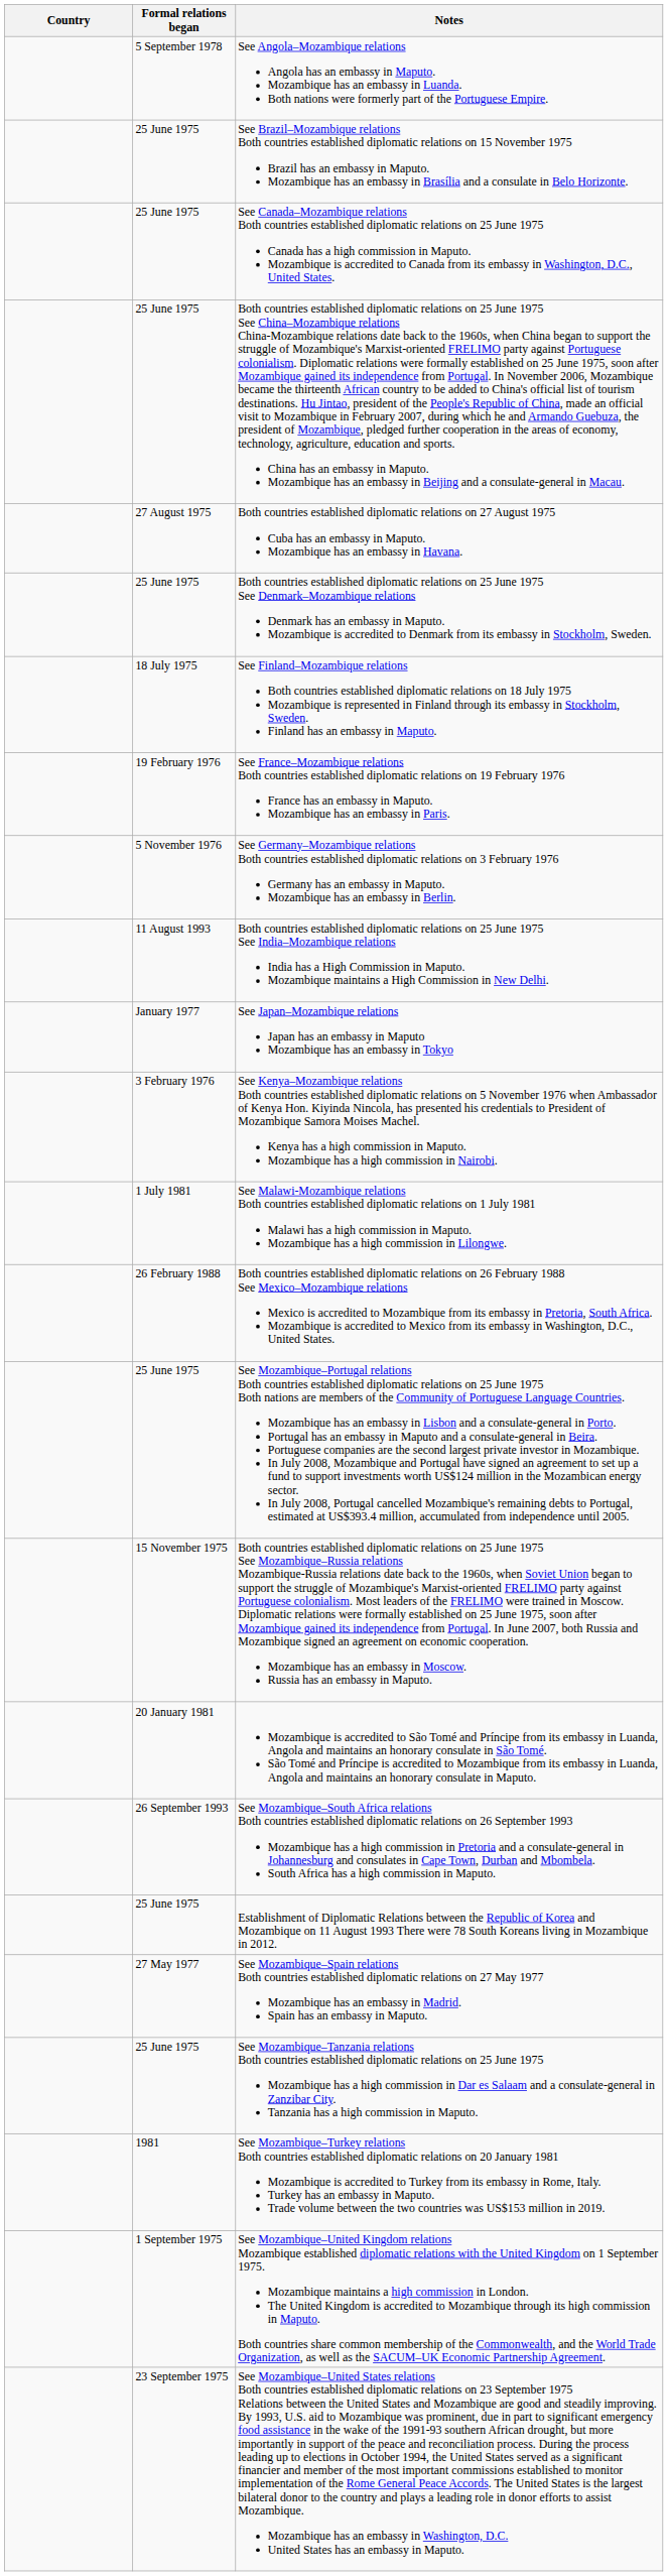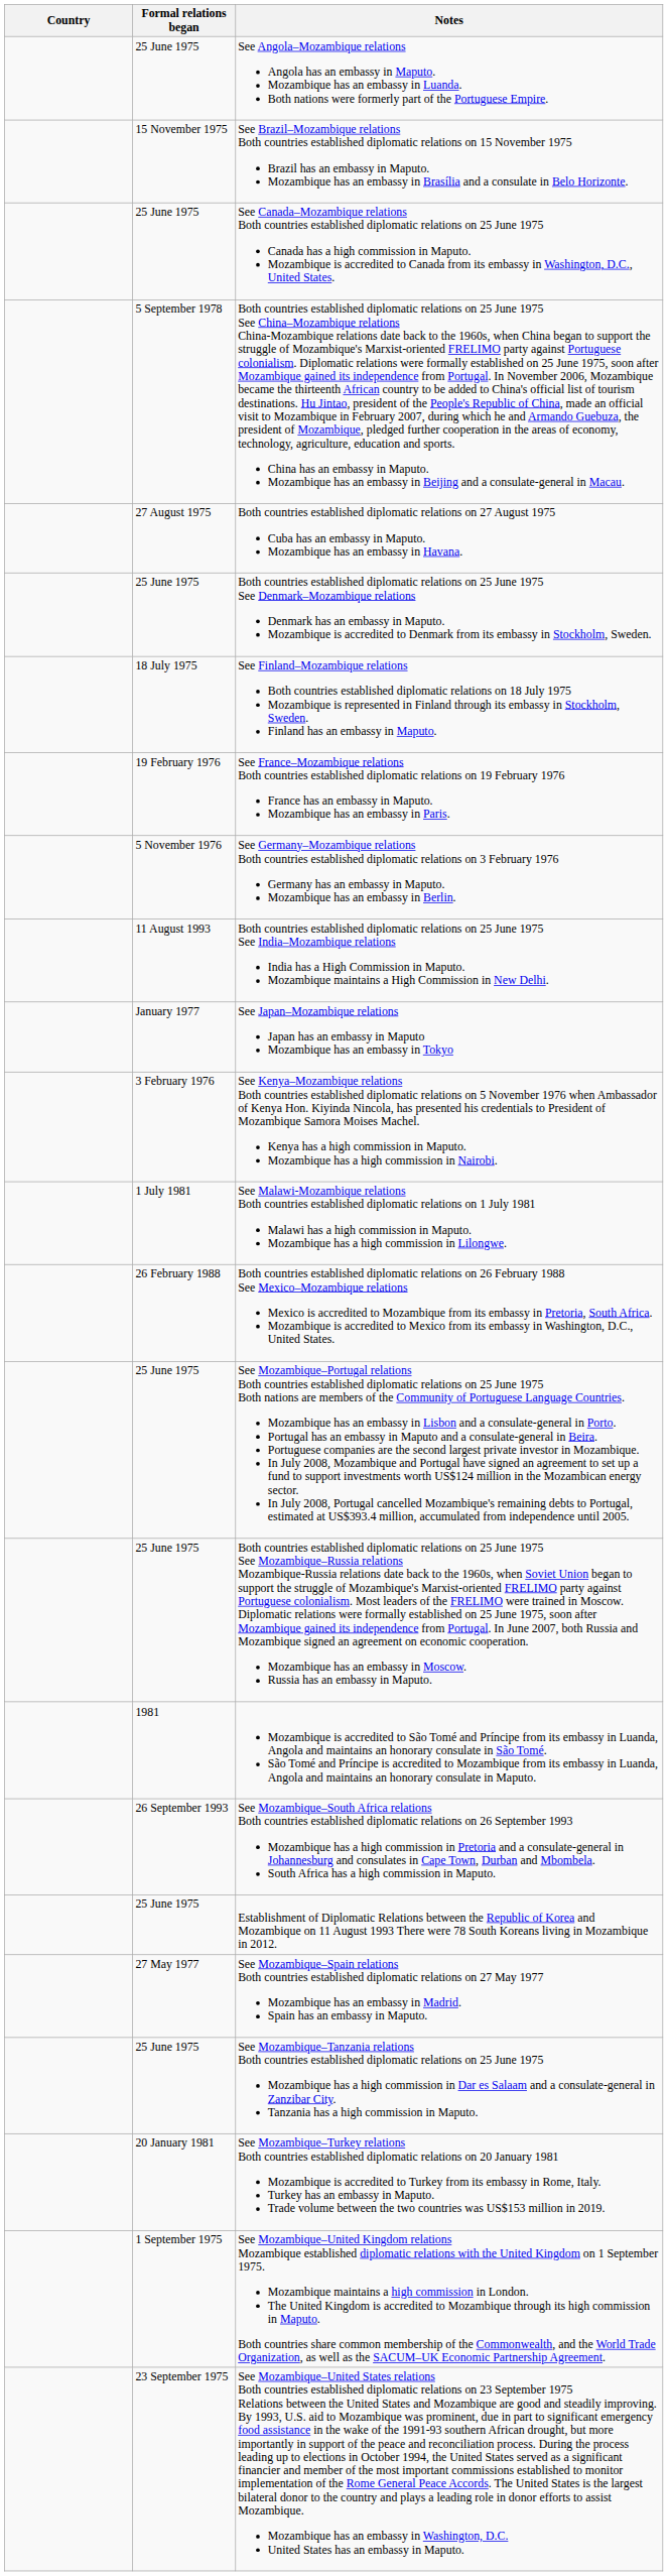 <table class="wikitable sortable" border="1" style="width:100%; margin:auto;">
 <tr>
 <th width="15%">Country</th>
 <th width="12%">Formal relations began</th>
 <th width="50%">Notes</th>
 </tr>
 <tr - valign="top">
 <td></td>
-<td>5 September 1978</td>
+<td>25 June 1975</td>
 <td>See <a href='#'>Angola–Mozambique relations</a><br><ul><li>Angola has an embassy in <a href='#'>Maputo</a>.</li><li>Mozambique has an embassy in <a href='#'>Luanda</a>.</li><li>Both nations were formerly part of the <a href='#'>Portuguese Empire</a>.</li></ul></td>
 </tr>
 <tr - valign="top">
 <td></td>
-<td>25 June 1975</td>
+<td>15 November 1975</td>
 <td>See <a href='#'>Brazil–Mozambique relations</a><br>Both countries established diplomatic relations on 15 November 1975<ul><li>Brazil has an embassy in Maputo.</li><li>Mozambique has an embassy in <a href='#'>Brasília</a> and a consulate in <a href='#'>Belo Horizonte</a>.</li></ul></td>
 </tr>
 <tr - valign="top">
 <td></td>
 <td>25 June 1975</td>
 <td>See <a href='#'>Canada–Mozambique relations</a><br>Both countries established diplomatic relations on 25 June 1975<ul><li>Canada has  a high commission in Maputo.</li><li>Mozambique is accredited to Canada from its embassy in <a href='#'>Washington, D.C.</a>, <a href='#'>United States</a>.</li></ul></td>
 </tr>
 <tr - valign="top">
 <td></td>
-<td>25 June 1975</td>
+<td>5 September 1978</td>
 <td>Both countries established diplomatic relations on 25 June 1975<br>See <a href='#'>China–Mozambique relations</a><br>China-Mozambique relations date back to the 1960s, when China began to support the struggle of Mozambique's Marxist-oriented <a href='#'>FRELIMO</a> party against <a href='#'>Portuguese colonialism</a>. Diplomatic relations were formally established on 25 June 1975, soon after <a href='#'>Mozambique gained its independence</a> from <a href='#'>Portugal</a>. In November 2006, Mozambique became the thirteenth <a href='#'>African</a> country to be added to China's official list of tourism destinations. <a href='#'>Hu Jintao</a>, president of the <a href='#'>People's Republic of China</a>,  made an official visit to Mozambique in February 2007, during which he and <a href='#'>Armando Guebuza</a>, the president of <a href='#'>Mozambique</a>, pledged further cooperation in the areas of economy, technology, agriculture, education and sports.<ul><li>China has an embassy in Maputo.</li><li>Mozambique has an embassy in <a href='#'>Beijing</a> and a consulate-general in <a href='#'>Macau</a>.</li></ul></td>
 </tr>
 <tr valign="top">
 <td></td>
 <td>27 August 1975</td>
 <td>Both countries established diplomatic relations on 27 August 1975<br><ul><li>Cuba has an embassy in Maputo.</li><li>Mozambique has an embassy in <a href='#'>Havana</a>.</li></ul></td>
 </tr>
 <tr - valign="top">
 <td></td>
 <td>25 June 1975</td>
 <td>Both countries established diplomatic relations on 25 June 1975<br>See <a href='#'>Denmark–Mozambique relations</a><ul><li>Denmark has an embassy in Maputo.</li><li>Mozambique is accredited to Denmark from its embassy in <a href='#'>Stockholm</a>, Sweden.</li></ul></td>
 </tr>
 <tr - valign="top">
 <td></td>
 <td>18 July 1975</td>
 <td>See <a href='#'>Finland–Mozambique relations</a><br><ul><li>Both countries established diplomatic relations on 18 July 1975</li><li>Mozambique is represented in Finland through its embassy in <a href='#'>Stockholm</a>, <a href='#'>Sweden</a>.</li><li>Finland has an embassy in <a href='#'>Maputo</a>.</li></ul></td>
 </tr>
 <tr - valign="top">
 <td></td>
 <td>19 February 1976</td>
 <td>See <a href='#'>France–Mozambique relations</a><br>Both countries established diplomatic relations on 19 February 1976<ul><li>France has an embassy in Maputo.</li><li>Mozambique has an embassy in <a href='#'>Paris</a>.</li></ul></td>
 </tr>
 <tr - valign="top">
 <td></td>
 <td>5 November 1976</td>
 <td>See <a href='#'>Germany–Mozambique relations</a><br>Both countries established diplomatic relations on 3 February 1976<ul><li>Germany has an embassy in Maputo.</li><li>Mozambique has an embassy in <a href='#'>Berlin</a>.</li></ul></td>
 </tr>
 <tr - valign="top">
 <td></td>
 <td>11 August 1993</td>
 <td>Both countries established diplomatic relations on 25 June 1975<br>See <a href='#'>India–Mozambique relations</a><ul><li>India has a High Commission in Maputo.</li><li>Mozambique maintains a High Commission in <a href='#'>New Delhi</a>.</li></ul></td>
 </tr>
 <tr - valign="top">
 <td></td>
 <td>January 1977</td>
 <td>See <a href='#'>Japan–Mozambique relations</a><br><ul><li>Japan has an embassy in Maputo</li><li>Mozambique has an embassy in <a href='#'>Tokyo</a></li></ul></td>
 </tr>
 <tr valign="top">
 <td></td>
 <td>3 February 1976</td>
 <td>See <a href='#'>Kenya–Mozambique relations</a><br>Both countries established diplomatic relations on 5 November 1976 when Ambassador of Kenya Hon. Kiyinda Nincola, has presented his credentials to President of Mozambique Samora Moises Machel.<ul><li>Kenya has a high commission in Maputo.</li><li>Mozambique has a high commission in <a href='#'>Nairobi</a>.</li></ul></td>
 </tr>
 <tr - valign="top">
 <td></td>
 <td>1 July 1981</td>
 <td>See <a href='#'>Malawi-Mozambique relations</a><br>Both countries established diplomatic relations on 1 July 1981<ul><li>Malawi has a high commission in Maputo.</li><li>Mozambique has a high commission in <a href='#'>Lilongwe</a>.</li></ul></td>
 </tr>
 <tr - valign="top">
 <td></td>
 <td>26 February 1988</td>
 <td>Both countries established diplomatic relations on 26 February 1988<br>See <a href='#'>Mexico–Mozambique relations</a><ul><li>Mexico is accredited to Mozambique from its embassy in <a href='#'>Pretoria</a>, <a href='#'>South Africa</a>.</li><li>Mozambique is accredited to Mexico from its embassy in Washington, D.C., United States.</li></ul></td>
 </tr>
 <tr - valign="top">
 <td></td>
 <td>25 June 1975</td>
 <td>See <a href='#'>Mozambique–Portugal relations</a><br>Both countries established diplomatic relations on 25 June 1975<br>Both nations are members of the <a href='#'>Community of Portuguese Language Countries</a>.<ul><li>Mozambique has an embassy in <a href='#'>Lisbon</a> and a consulate-general in <a href='#'>Porto</a>.</li><li>Portugal has an embassy in Maputo and a consulate-general in <a href='#'>Beira</a>.</li><li>Portuguese companies are the second largest private investor in Mozambique.</li><li>In July 2008, Mozambique and Portugal have signed an agreement to set up a fund to support investments worth US$124 million in the Mozambican energy sector.</li><li>In July 2008, Portugal cancelled Mozambique's remaining debts to Portugal, estimated at US$393.4 million, accumulated from independence until 2005.</li></ul></td>
 </tr>
 <tr - valign="top">
 <td></td>
-<td>15 November 1975</td>
+<td>25 June 1975</td>
 <td>Both countries established diplomatic relations on 25 June 1975<br>See <a href='#'>Mozambique–Russia relations</a><br>Mozambique-Russia relations date back to the 1960s, when <a href='#'>Soviet Union</a> began to support the struggle of Mozambique's Marxist-oriented <a href='#'>FRELIMO</a> party against <a href='#'>Portuguese colonialism</a>.  Most leaders of the <a href='#'>FRELIMO</a> were trained in Moscow.  Diplomatic relations were formally established on 25 June 1975, soon after <a href='#'>Mozambique gained its independence</a> from <a href='#'>Portugal</a>. In June 2007, both Russia and Mozambique signed an agreement on economic cooperation.<ul><li>Mozambique has an embassy in <a href='#'>Moscow</a>.</li><li>Russia has an embassy in Maputo.</li></ul></td>
 </tr>
 <tr valign="top">
 <td></td>
-<td>20 January 1981</td>
+<td>1981</td>
 <td><br><ul><li>Mozambique is accredited to São Tomé and Príncipe from its embassy in Luanda, Angola and maintains an honorary consulate in <a href='#'>São Tomé</a>.</li><li>São Tomé and Príncipe is accredited to Mozambique from its embassy in Luanda, Angola and maintains an honorary consulate in Maputo.</li></ul></td>
 </tr>
 <tr valign="top">
 <td></td>
 <td>26 September 1993</td>
 <td>See <a href='#'>Mozambique–South Africa relations</a><br>Both countries established diplomatic relations on 26 September 1993<ul><li>Mozambique has a high commission in <a href='#'>Pretoria</a> and a consulate-general in <a href='#'>Johannesburg</a> and consulates in <a href='#'>Cape Town</a>, <a href='#'>Durban</a> and <a href='#'>Mbombela</a>.</li><li>South Africa has a high commission in Maputo.</li></ul></td>
 </tr>
 <tr - valign="top">
 <td></td>
 <td>25 June 1975</td>
 <td><br>Establishment of Diplomatic Relations between the <a href='#'>Republic of Korea</a> and Mozambique on 11 August 1993 There were 78 South Koreans living in Mozambique in 2012.</td>
 </tr>
 <tr valign="top">
 <td></td>
 <td>27 May 1977</td>
 <td>See <a href='#'>Mozambique–Spain relations</a><br>Both countries established diplomatic relations on 27 May 1977<ul><li>Mozambique has an embassy in <a href='#'>Madrid</a>.</li><li>Spain has an embassy in Maputo.</li></ul></td>
 </tr>
 <tr valign="top">
 <td></td>
 <td>25 June 1975</td>
 <td>See <a href='#'>Mozambique–Tanzania relations</a><br>Both countries established diplomatic relations on 25 June 1975<ul><li>Mozambique has a high commission in <a href='#'>Dar es Salaam</a> and a consulate-general in <a href='#'>Zanzibar City</a>.</li><li>Tanzania has a high commission in Maputo.</li></ul></td>
 </tr>
 <tr - valign="top">
 <td></td>
-<td>1981</td>
+<td>20 January 1981</td>
 <td>See <a href='#'>Mozambique–Turkey relations</a><br>Both countries established diplomatic relations on 20 January 1981<ul><li>Mozambique is accredited to Turkey from its embassy in Rome, Italy.</li><li>Turkey has an embassy in Maputo.</li><li>Trade volume between the two countries was US$153 million in 2019.</li></ul></td>
 </tr>
 <tr valign="top">
 <td></td>
 <td>1 September 1975</td>
 <td>See <a href='#'>Mozambique–United Kingdom relations</a><br>Mozambique established <a href='#'>diplomatic relations with the United Kingdom</a> on 1 September 1975.<ul><li>Mozambique maintains a <a href='#'>high commission</a> in London.</li><li>The United Kingdom is accredited to Mozambique through its high commission in <a href='#'>Maputo</a>.</li></ul>Both countries share common membership of the <a href='#'>Commonwealth</a>, and the <a href='#'>World Trade Organization</a>, as well as the <a href='#'>SACUM–UK Economic Partnership Agreement</a>.</td>
 </tr>
 <tr valign="top">
 <td></td>
 <td>23 September 1975</td>
 <td>See <a href='#'>Mozambique–United States relations</a><br>Both countries established diplomatic relations on 23 September 1975<br>Relations between the United States and Mozambique are good and steadily improving. By 1993, U.S. aid to Mozambique was prominent, due in part to significant emergency <a href='#'>food assistance</a> in the wake of the 1991-93 southern African drought, but more importantly in support of the peace and reconciliation process. During the process leading up to elections in October 1994, the United States served as a significant financier and member of the most important commissions established to monitor implementation of the <a href='#'>Rome General Peace Accords</a>. The United States is the largest bilateral donor to the country and plays a leading role in donor efforts to assist Mozambique.<ul><li>Mozambique has an embassy in <a href='#'>Washington, D.C.</a></li><li>United States has an embassy in Maputo.</li></ul></td>
 </tr>
 </table>
